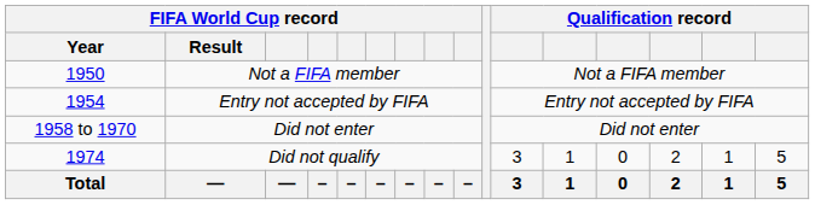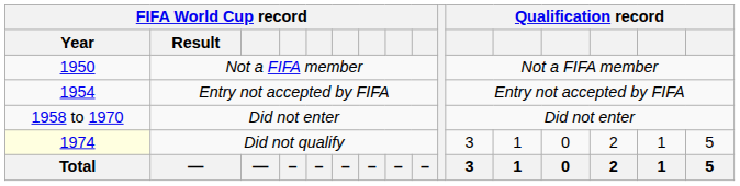 <table class="wikitable" style="text-align: center;">
 <tr>
 <th colspan=9><a href='#'>FIFA World Cup</a> record</th>
 <th style="width:1%;" rowspan="39"></th>
 <th colspan=6><a href='#'>Qualification</a> record</th>
 </tr>
 <tr>
 <th>Year</th>
 <th>Result</th>
 <th></th>
 <th></th>
 <th></th>
 <th></th>
 <th></th>
 <th></th>
 <th></th>
 <th></th>
 <th></th>
 <th></th>
 <th></th>
 <th></th>
 <th></th>
 </tr>
 <tr>
 <td> <a href='#'>1950</a></td>
 <td colspan=8><em>Not a <a href='#'>FIFA</a> member</em></td>
 <td colspan=8><em>Not a FIFA member</em></td>
 </tr>
 <tr>
 <td> <a href='#'>1954</a></td>
 <td colspan=8><em>Entry not accepted by FIFA</em></td>
 <td colspan=8><em>Entry not accepted by FIFA</em></td>
 </tr>
 <tr>
 <td><a href='#'>1958</a> to <a href='#'>1970</a></td>
 <td colspan=8><em>Did not enter</em></td>
 <td colspan=8><em>Did not enter</em></td>
 </tr>
 <tr>
-<td> <a href='#'>1974</a></td>
+<td style="background: lightyellow;"> <a href='#'>1974</a></td>
 <td colspan=8><em>Did not qualify</em></td>
 <td>3</td>
 <td>1</td>
 <td>0</td>
 <td>2</td>
 <td>1</td>
 <td>5</td>
 </tr>
 <tr>
 <th><strong>Total</strong></th>
 <th><strong>—</strong></th>
 <th><strong>—</strong></th>
 <th><strong>–</strong></th>
 <th><strong>–</strong></th>
 <th><strong>–</strong></th>
 <th><strong>–</strong></th>
 <th><strong>–</strong></th>
 <th><strong>–</strong></th>
 <th><strong>3</strong></th>
 <th><strong>1</strong></th>
 <th><strong>0</strong></th>
 <th><strong>2</strong></th>
 <th><strong>1</strong></th>
 <th><strong>5</strong></th>
 </tr>
 </table>
